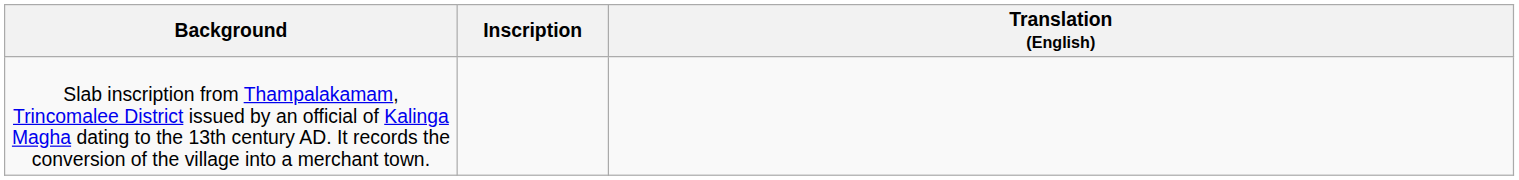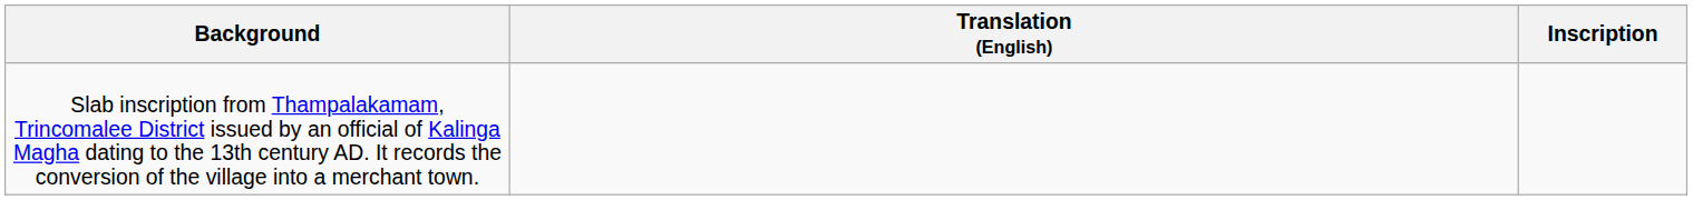 <table class="wikitable centre">
 <tr>
 <th scope="col" align=left>Background<br></th>
+<th>Translation<br><small>(English)</small></th>
 <th>Inscription<br></th>
-<th>Translation<br><small>(English)</small></th>
 </tr>
 <tr>
 <td align=center width="30%"><br>Slab inscription from <a href='#'>Thampalakamam</a>, <a href='#'>Trincomalee District</a> issued by  an official of <a href='#'>Kalinga Magha</a> dating to the 13th century AD. It records the conversion of the village into a merchant town.</td>
+<td align=left><br></td>
 <td align=center width="10%"><br></td>
-<td align=left><br></td>
 </tr>
 </table>
